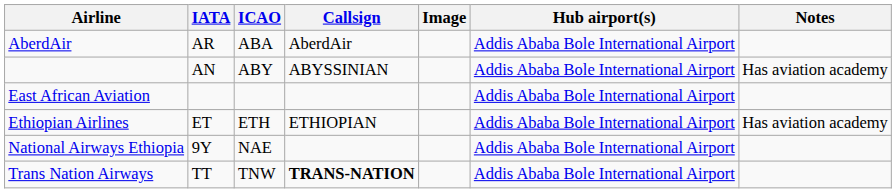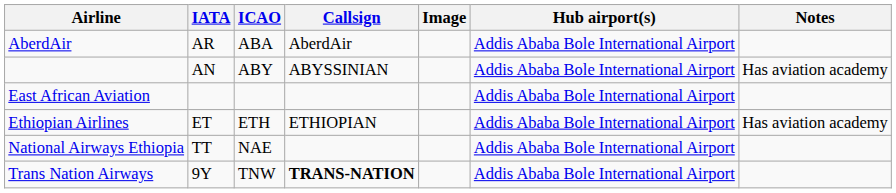 <table class="wikitable sortable" style="border: 0; cellpadding: 2; cellspacing: 3;">
 <tr valign="middle">
 <th>Airline</th>
 <th><a href='#'>IATA</a></th>
 <th><a href='#'>ICAO</a></th>
 <th><a href='#'>Callsign</a></th>
 <th>Image</th>
 <th>Hub airport(s)</th>
 <th class="unsortable">Notes</th>
 </tr>
 <tr>
 <td><a href='#'>AberdAir</a></td>
 <td>AR</td>
 <td>ABA</td>
 <td>AberdAir</td>
 <td></td>
 <td><a href='#'>Addis Ababa Bole International Airport</a></td>
 <td></td>
 </tr>
 <tr>
 <td></td>
 <td>AN</td>
 <td>ABY</td>
 <td>ABYSSINIAN</td>
 <td></td>
 <td><a href='#'>Addis Ababa Bole International Airport</a></td>
 <td>Has aviation academy</td>
 </tr>
 <tr>
 <td><a href='#'>East African Aviation</a></td>
 <td></td>
 <td></td>
 <td></td>
 <td></td>
 <td><a href='#'>Addis Ababa Bole International Airport</a></td>
 <td></td>
 </tr>
 <tr>
 <td><a href='#'>Ethiopian Airlines</a></td>
 <td>ET</td>
 <td>ETH</td>
 <td>ETHIOPIAN</td>
 <td></td>
 <td><a href='#'>Addis Ababa Bole International Airport</a></td>
 <td>Has aviation academy</td>
 </tr>
 <tr>
 <td><a href='#'>National Airways Ethiopia</a></td>
-<td>9Y</td>
+<td>TT</td>
 <td>NAE</td>
 <td></td>
 <td></td>
 <td><a href='#'>Addis Ababa Bole International Airport</a></td>
 <td></td>
 </tr>
 <tr>
 <td><a href='#'>Trans Nation Airways</a></td>
-<td>TT</td>
+<td>9Y</td>
 <td>TNW</td>
 <td><strong>TRANS-NATION</strong></td>
 <td></td>
 <td><a href='#'>Addis Ababa Bole International Airport</a></td>
 <td></td>
 </tr>
 </table>
